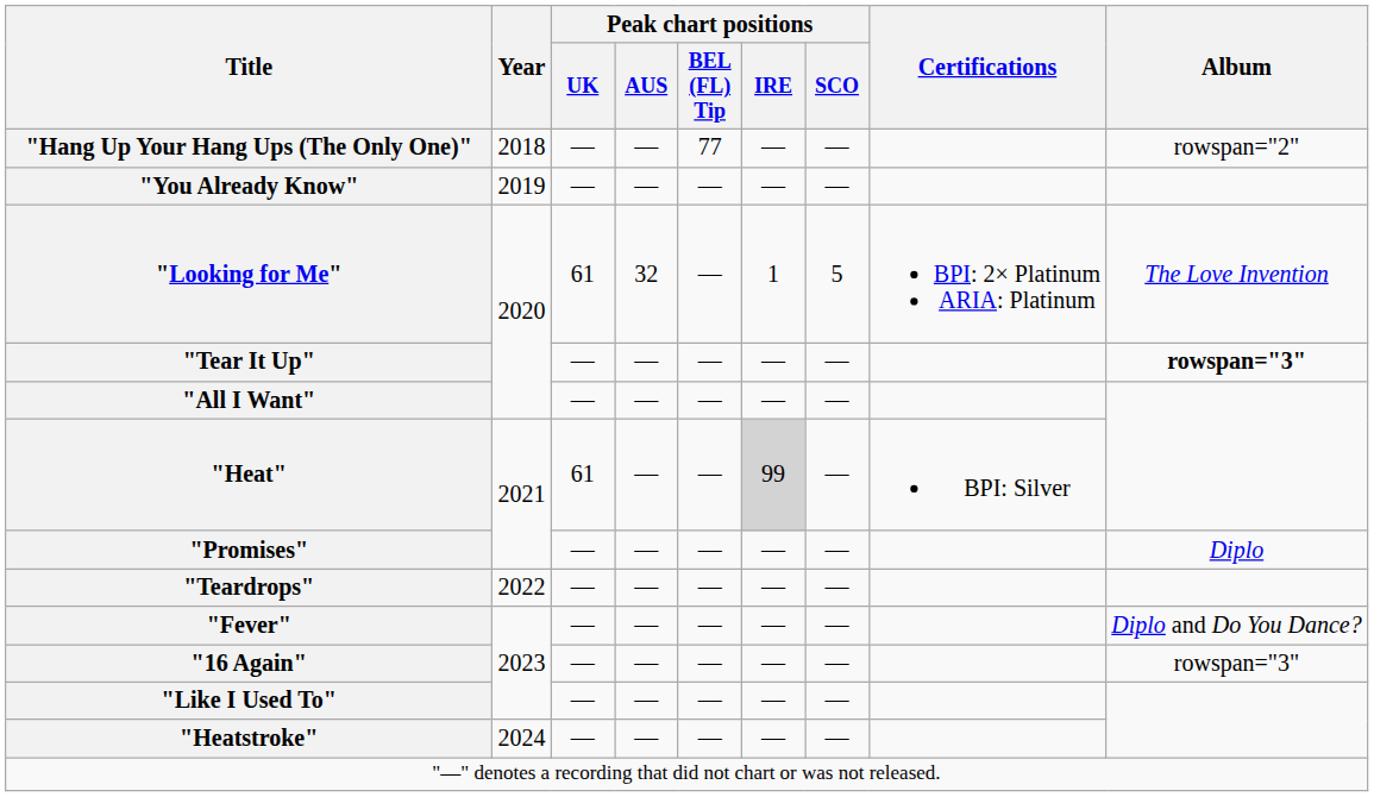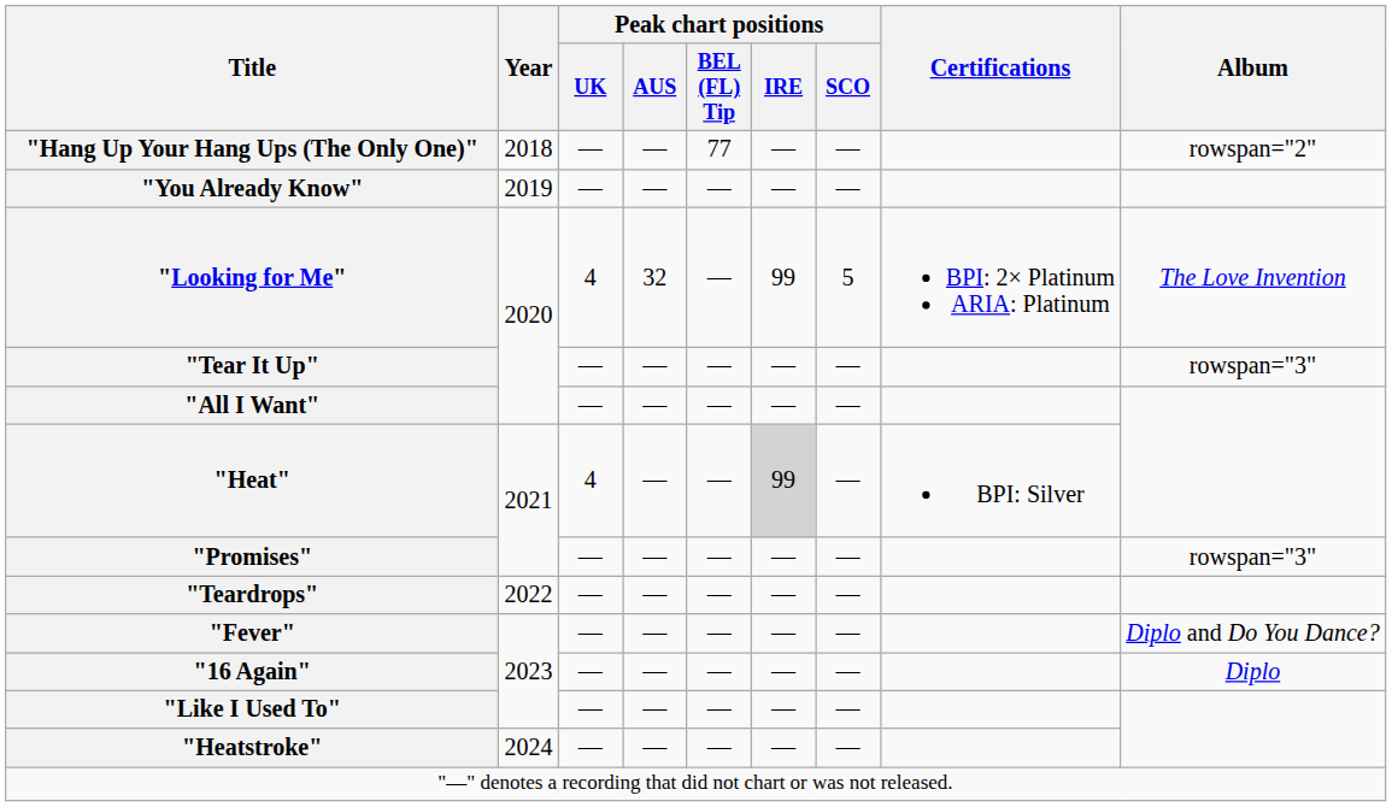 <table class="wikitable plainrowheaders" style="text-align:center;">
 <tr>
 <th scope="col" rowspan="2" style="width:20em;">Title</th>
 <th scope="col" rowspan="2" style="width:1em;">Year</th>
 <th scope="col" colspan="5">Peak chart positions</th>
 <th scope="col" rowspan="2"><a href='#'>Certifications</a></th>
 <th scope="col" rowspan="2">Album</th>
 </tr>
 <tr>
 <th scope="col" style="width:2.5em;font-size:90%;"><a href='#'>UK</a><br></th>
 <th scope="col" style="width:2.5em;font-size:90%;"><a href='#'>AUS</a><br></th>
 <th scope="col" style="width:2.5em;font-size:90%;"><a href='#'>BEL<br>(FL)<br>Tip</a><br></th>
 <th scope="col" style="width:2.5em;font-size:90%;"><a href='#'>IRE</a><br></th>
 <th scope="col" style="width:2.5em;font-size:90%;"><a href='#'>SCO</a><br></th>
 </tr>
 <tr>
 <th scope="row">"Hang Up Your Hang Ups (The Only One)"<br></th>
 <td>2018</td>
 <td>—</td>
 <td>—</td>
 <td>77</td>
 <td>—</td>
 <td>—</td>
 <td></td>
 <td>rowspan="2" </td>
 </tr>
 <tr>
 <th scope="row">"You Already Know"<br></th>
 <td>2019</td>
 <td>—</td>
 <td>—</td>
 <td>—</td>
 <td>—</td>
 <td>—</td>
 <td></td>
 </tr>
 <tr>
 <th scope="row">"<a href='#'>Looking for Me</a>"<br></th>
 <td rowspan="3">2020</td>
-<td>61</td>
+<td>4</td>
 <td>32</td>
 <td>—</td>
-<td>1</td>
+<td>99<br></td>
 <td>5</td>
 <td><br><ul><li><a href='#'>BPI</a>: 2× Platinum</li><li><a href='#'>ARIA</a>: Platinum</li></ul></td>
 <td><em><a href='#'>The Love Invention</a></em></td>
 </tr>
 <tr>
 <th scope="row">"Tear It Up"<br></th>
 <td>—</td>
 <td>—</td>
 <td>—</td>
 <td>—</td>
 <td>—</td>
 <td></td>
-<td><strong>rowspan="3" </strong></td>
+<td>rowspan="3" </td>
 </tr>
 <tr>
 <th scope="row">"All I Want"<br></th>
 <td>—</td>
 <td>—</td>
 <td>—</td>
 <td>—</td>
 <td>—</td>
 <td></td>
 </tr>
 <tr>
 <th scope="row">"Heat"<br></th>
 <td rowspan="2">2021</td>
-<td>61</td>
+<td>4</td>
 <td>—</td>
 <td>—</td>
 <td style="background: lightgrey;">99<br></td>
 <td>—</td>
 <td><br><ul><li>BPI: Silver</li></ul></td>
 </tr>
 <tr>
 <th scope="row">"Promises" <br></th>
 <td>―</td>
 <td>―</td>
 <td>―</td>
 <td>―</td>
 <td>―</td>
 <td></td>
-<td><em><a href='#'>Diplo</a></em></td>
+<td>rowspan="3" </td>
 </tr>
 <tr>
 <th scope="row">"Teardrops"<br></th>
 <td>2022</td>
 <td>―</td>
 <td>―</td>
 <td>―</td>
 <td>―</td>
 <td>―</td>
 <td></td>
 <td></td>
 </tr>
 <tr>
 <th scope="row">"Fever"<br></th>
 <td rowspan="3">2023</td>
 <td>―</td>
 <td>―</td>
 <td>―</td>
 <td>―</td>
 <td>―</td>
 <td></td>
 <td><em><a href='#'>Diplo</a></em> and <em>Do You Dance?</em></td>
 </tr>
 <tr>
 <th scope="row">"16 Again"<br></th>
 <td>―</td>
 <td>―</td>
 <td>―</td>
 <td>―</td>
 <td>―</td>
 <td></td>
-<td>rowspan="3" </td>
+<td><em><a href='#'>Diplo</a></em></td>
 </tr>
 <tr>
 <th scope="row">"Like I Used To"<br></th>
 <td>―</td>
 <td>―</td>
 <td>―</td>
 <td>―</td>
 <td>―</td>
 <td></td>
 </tr>
 <tr>
 <th scope="row">"Heatstroke"<br></th>
 <td>2024</td>
 <td>―</td>
 <td>―</td>
 <td>―</td>
 <td>―</td>
 <td>―</td>
 <td></td>
 </tr>
 <tr>
 <td colspan="9" style="font-size:85%">"—" denotes a recording that did not chart or was not released.</td>
 </tr>
 </table>
